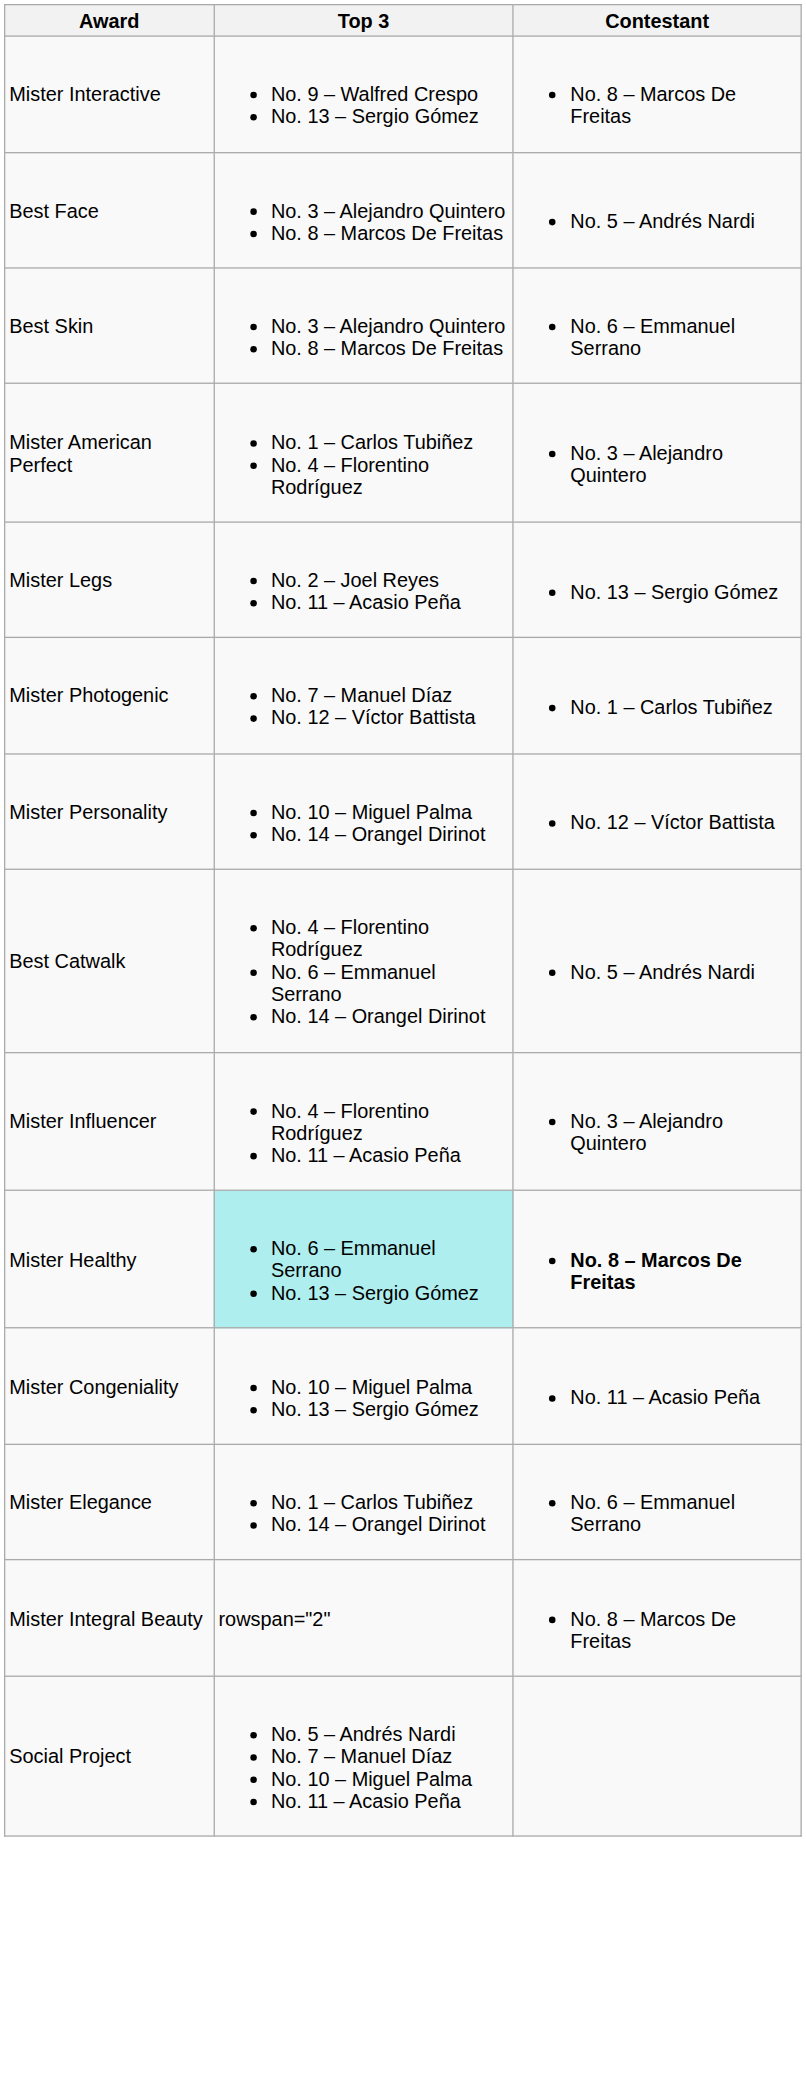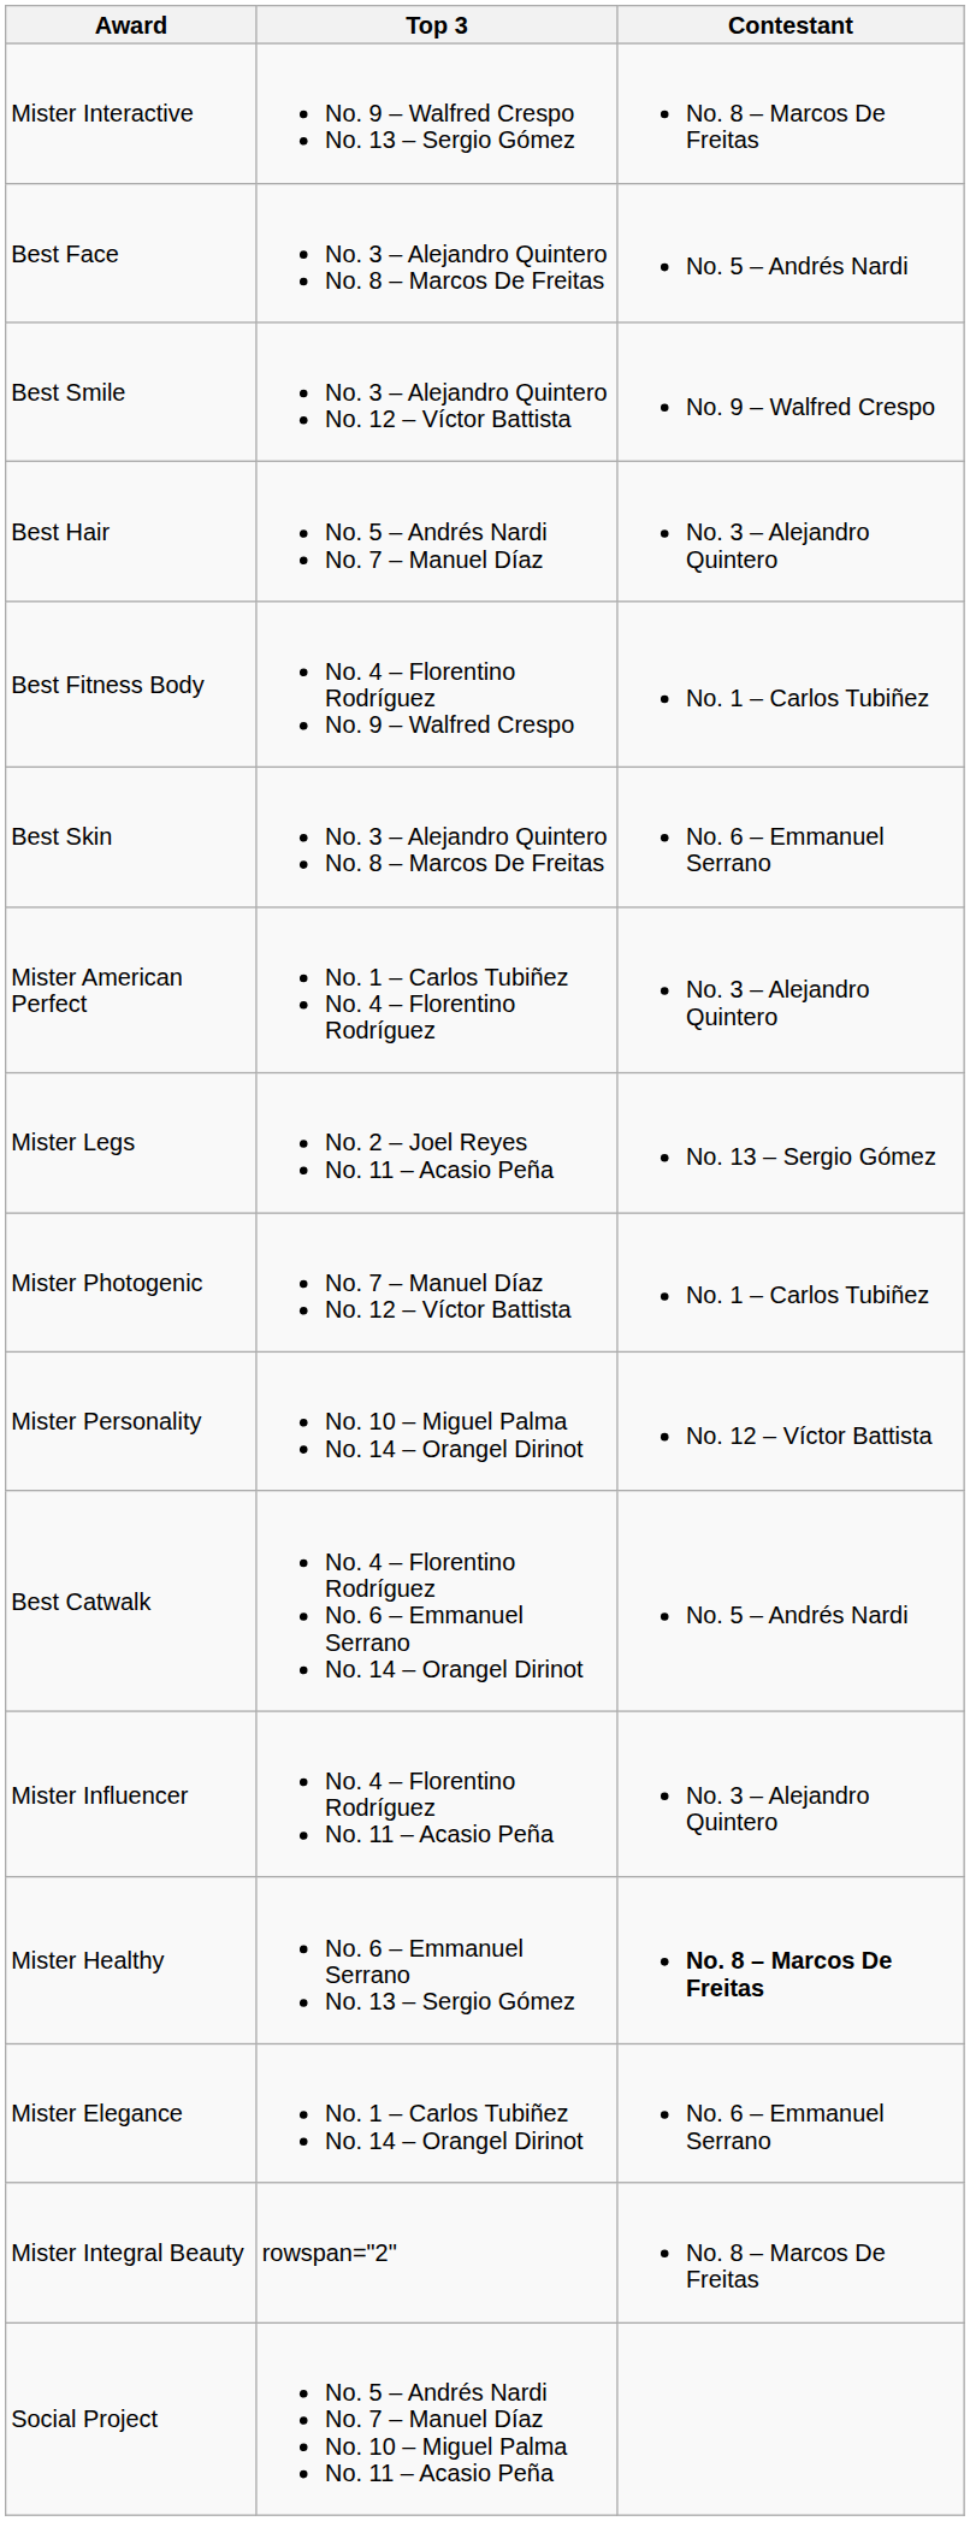 <table class="wikitable sortable" style="font-size: 95%;">
 <tr>
 <th>Award</th>
 <th>Top 3</th>
 <th>Contestant</th>
 </tr>
 <tr>
 <td>Mister Interactive</td>
 <td><br><ul><li>No. 9 – Walfred Crespo</li><li>No. 13 – Sergio Gómez</li></ul></td>
 <td><br><ul><li>No. 8 – Marcos De Freitas</li></ul></td>
 </tr>
 <tr>
 <td>Best Face</td>
 <td><br><ul><li>No. 3 – Alejandro Quintero</li><li>No. 8 – Marcos De Freitas</li></ul></td>
 <td><br><ul><li>No. 5 – Andrés Nardi</li></ul></td>
+</tr>
+<tr>
+<td>Best Smile</td>
+<td><br><ul><li>No. 3 – Alejandro Quintero</li><li>No. 12 – Víctor Battista</li></ul></td>
+<td><br><ul><li>No. 9 – Walfred Crespo</li></ul></td>
+</tr>
+<tr>
+<td>Best Hair</td>
+<td><br><ul><li>No. 5 – Andrés Nardi</li><li>No. 7 – Manuel Díaz</li></ul></td>
+<td><br><ul><li>No. 3 – Alejandro Quintero</li></ul></td>
+</tr>
+<tr>
+<td>Best Fitness Body</td>
+<td><br><ul><li>No. 4 – Florentino Rodríguez</li><li>No. 9 – Walfred Crespo</li></ul></td>
+<td><br><ul><li>No. 1 – Carlos Tubiñez</li></ul></td>
 </tr>
 <tr>
 <td>Best Skin</td>
 <td><br><ul><li>No. 3 – Alejandro Quintero</li><li>No. 8 – Marcos De Freitas</li></ul></td>
 <td><br><ul><li>No. 6 – Emmanuel Serrano</li></ul></td>
 </tr>
 <tr>
 <td>Mister American Perfect</td>
 <td><br><ul><li>No. 1 – Carlos Tubiñez</li><li>No. 4 – Florentino Rodríguez</li></ul></td>
 <td><br><ul><li>No. 3 – Alejandro Quintero</li></ul></td>
 </tr>
 <tr>
 <td>Mister Legs</td>
 <td><br><ul><li>No. 2 – Joel Reyes</li><li>No. 11 – Acasio Peña</li></ul></td>
 <td><br><ul><li>No. 13 – Sergio Gómez</li></ul></td>
 </tr>
 <tr>
 <td>Mister Photogenic</td>
 <td><br><ul><li>No. 7 – Manuel Díaz</li><li>No. 12 – Víctor Battista</li></ul></td>
 <td><br><ul><li>No. 1 – Carlos Tubiñez</li></ul></td>
 </tr>
 <tr>
 <td>Mister Personality</td>
 <td><br><ul><li>No. 10 – Miguel Palma</li><li>No. 14 – Orangel Dirinot</li></ul></td>
 <td><br><ul><li>No. 12 – Víctor Battista</li></ul></td>
 </tr>
 <tr>
 <td>Best Catwalk</td>
 <td><br><ul><li>No. 4 – Florentino Rodríguez</li><li>No. 6 – Emmanuel Serrano</li><li>No. 14 – Orangel Dirinot</li></ul></td>
 <td><br><ul><li>No. 5 – Andrés Nardi</li></ul></td>
 </tr>
 <tr>
 <td>Mister Influencer</td>
 <td><br><ul><li>No. 4 – Florentino Rodríguez</li><li>No. 11 – Acasio Peña</li></ul></td>
 <td><br><ul><li>No. 3 – Alejandro Quintero</li></ul></td>
 </tr>
 <tr>
 <td>Mister Healthy</td>
-<td style="background: paleturquoise;"><br><ul><li>No. 6 – Emmanuel Serrano</li><li>No. 13 – Sergio Gómez</li></ul></td>
+<td><br><ul><li>No. 6 – Emmanuel Serrano</li><li>No. 13 – Sergio Gómez</li></ul></td>
 <td><strong><br><ul><li>No. 8 – Marcos De Freitas</li></ul></strong></td>
-</tr>
-<tr>
-<td>Mister Congeniality</td>
-<td><br><ul><li>No. 10 – Miguel Palma</li><li>No. 13 – Sergio Gómez</li></ul></td>
-<td><br><ul><li>No. 11 – Acasio Peña</li></ul></td>
 </tr>
 <tr>
 <td>Mister Elegance</td>
 <td><br><ul><li>No. 1 – Carlos Tubiñez</li><li>No. 14 – Orangel Dirinot</li></ul></td>
 <td><br><ul><li>No. 6 – Emmanuel Serrano</li></ul></td>
 </tr>
 <tr>
 <td>Mister Integral Beauty</td>
 <td>rowspan="2" </td>
 <td><br><ul><li>No. 8 – Marcos De Freitas</li></ul></td>
 </tr>
 <tr>
 <td>Social Project</td>
 <td><br><ul><li>No. 5 – Andrés Nardi</li><li>No. 7 – Manuel Díaz</li><li>No. 10 – Miguel Palma</li><li>No. 11 – Acasio Peña</li></ul></td>
 </tr>
 </table>
